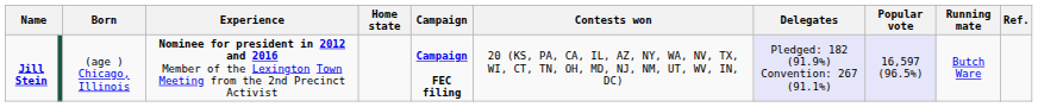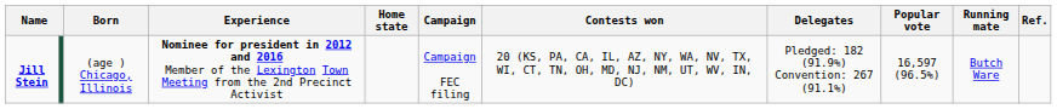 <table class="wikitable sortable" style="text-align:center;">
 <tr>
 <th colspan="2" scope="col">Name</th>
 <th scope="col">Born</th>
 <th class="unsortable" scope="col">Experience</th>
 <th scope="col">Home state</th>
 <th scope="col">Campaign<br></th>
 <th scope="col">Contests won</th>
 <th scope="col">Delegates</th>
 <th scope="col">Popular vote</th>
 <th scope="col">Running mate</th>
 <th scope="col">Ref.</th>
 </tr>
 <tr>
 <td data-sort-value="Stein, Jill" scope="row"><br><strong><a href='#'>Jill Stein</a></strong></td>
 <td style="background:#18563e;"></td>
 <td><br>(age )<br><a href='#'>Chicago, Illinois</a></td>
 <td><strong>Nominee for president in <a href='#'>2012</a> and <a href='#'>2016</a></strong><br>Member of the <a href='#'>Lexington</a> <a href='#'>Town Meeting</a> from the 2nd Precinct<br>Activist</td>
 <td></td>
-<td><strong><br><a href='#'>Campaign</a><br><br>FEC filing</strong></td>
+<td><br><a href='#'>Campaign</a><br><br>FEC filing</td>
 <td>20 (KS, PA, CA, IL, AZ, NY, WA, NV, TX, WI, CT, TN, OH, MD, NJ, NM, UT, WV, IN, DC)</td>
-<td style="background: lavender;">Pledged: 182 (91.9%)<br>Convention: 267 (91.1%)</td>
-<td style="background: lavender;">16,597 (96.5%)</td>
+<td>Pledged: 182 (91.9%)<br>Convention: 267 (91.1%)</td>
+<td>16,597 (96.5%)</td>
 <td><a href='#'>Butch Ware</a></td>
 <td></td>
 </tr>
 </table>
